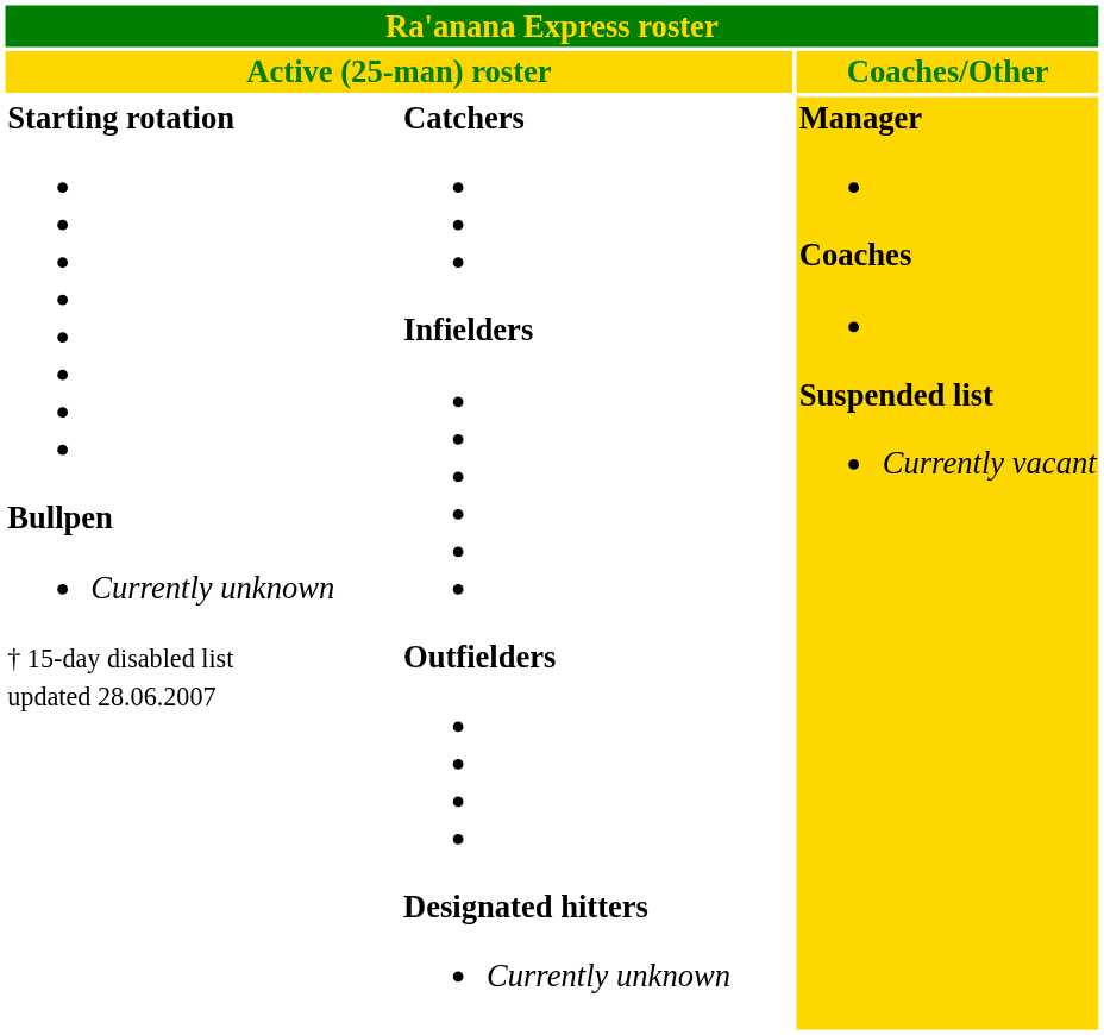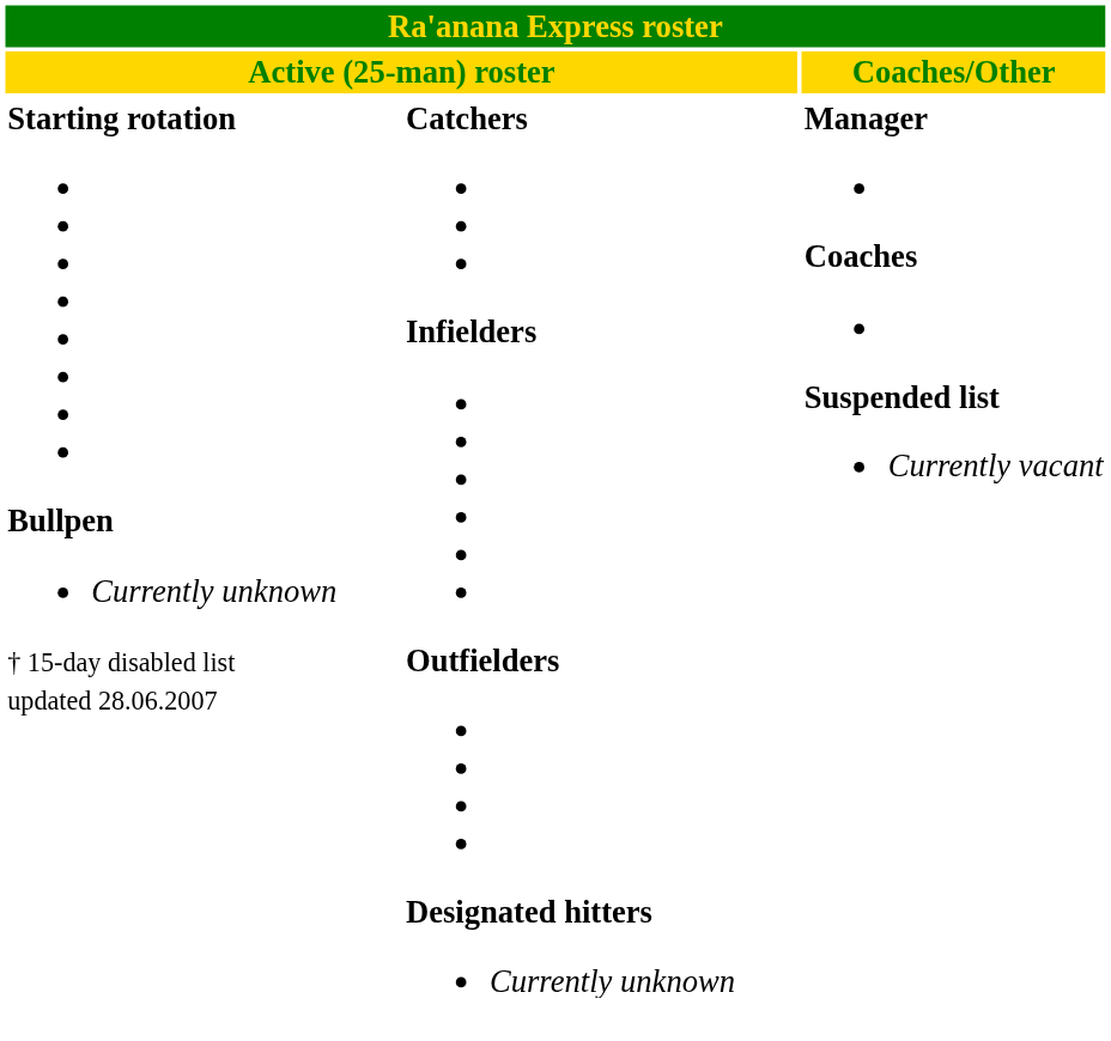 <table class="toccolours" style="font-size: 95%;">
 <tr>
 <th colspan="10" style="background-color: green; color: gold; text-align: center;"><strong>Ra'anana Express roster</strong></th>
 </tr>
 <tr>
 <td colspan="4" style="background-color: gold; color: green; text-align: center;"><strong>Active (25-man) roster</strong></td>
 <td colspan="1" style="background-color: gold; color: green; text-align: center;"><strong>Coaches/Other</strong></td>
 </tr>
 <tr>
 <td style="vertical-align:top;"><strong>Starting rotation</strong><br><ul><li></li><li></li><li></li><li></li><li></li><li></li><li></li><li></li></ul><strong>Bullpen</strong><ul><li><em>Currently unknown</em></li></ul><small>† 15-day disabled list<br> <span></span> updated 28.06.2007<br> <span></span></small></td>
 <td width="25px"></td>
 <td style="vertical-align:top;"><strong>Catchers</strong><br><ul><li></li><li></li><li></li></ul><strong>Infielders</strong><ul><li></li><li></li><li></li><li></li><li></li><li></li></ul><strong>Outfielders</strong><ul><li></li><li></li><li></li><li></li></ul><strong>Designated hitters</strong><ul><li><em>Currently unknown</em></li></ul></td>
 <td width="25px"></td>
-<td style="background: gold; vertical-align:top;"><strong>Manager</strong><br><ul><li></li></ul><strong>Coaches</strong><ul><li></li></ul><strong>Suspended list</strong><ul><li><em>Currently vacant</em></li></ul></td>
+<td style="vertical-align:top;"><strong>Manager</strong><br><ul><li></li></ul><strong>Coaches</strong><ul><li></li></ul><strong>Suspended list</strong><ul><li><em>Currently vacant</em></li></ul></td>
 </tr>
 <tr>
 </tr>
 </table>
